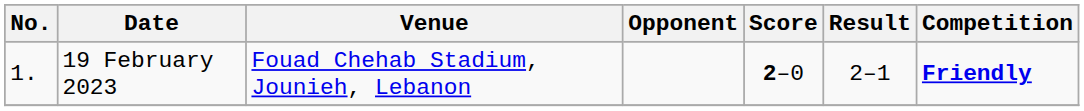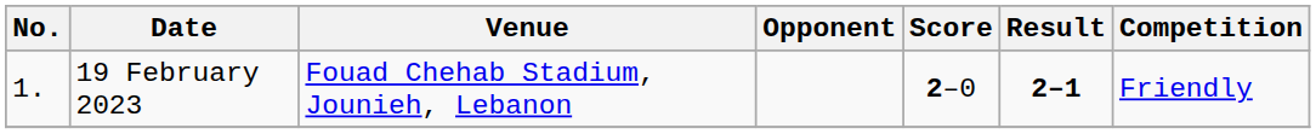 <table class="wikitable">
 <tr>
 <th>No.</th>
 <th>Date</th>
 <th>Venue</th>
 <th>Opponent</th>
 <th>Score</th>
 <th>Result</th>
 <th>Competition</th>
 </tr>
 <tr>
 <td>1.</td>
 <td>19 February 2023</td>
 <td><a href='#'>Fouad Chehab Stadium</a>, <a href='#'>Jounieh</a>, <a href='#'>Lebanon</a></td>
 <td></td>
 <td align=center><strong>2</strong>–0</td>
-<td align=center>2–1</td>
-<td><strong><a href='#'>Friendly</a></strong></td>
+<td align=center><strong>2–1</strong></td>
+<td><a href='#'>Friendly</a></td>
 </tr>
 <tr>
 </tr>
 </table>
